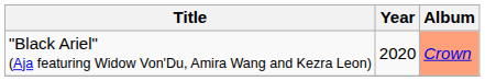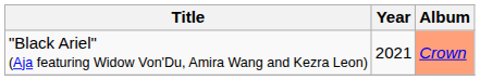 <table class="wikitable">
 <tr>
 <th>Title</th>
 <th>Year</th>
 <th>Album</th>
 </tr>
 <tr>
 <td>"Black Ariel"<br><small>(<a href='#'>Aja</a> featuring Widow Von'Du, Amira Wang and Kezra Leon)</small></td>
-<td>2020</td>
+<td>2021</td>
 <td style="background: lightsalmon;"><em><a href='#'>Crown</a></em></td>
 </tr>
 <tr>
 </tr>
 </table>
